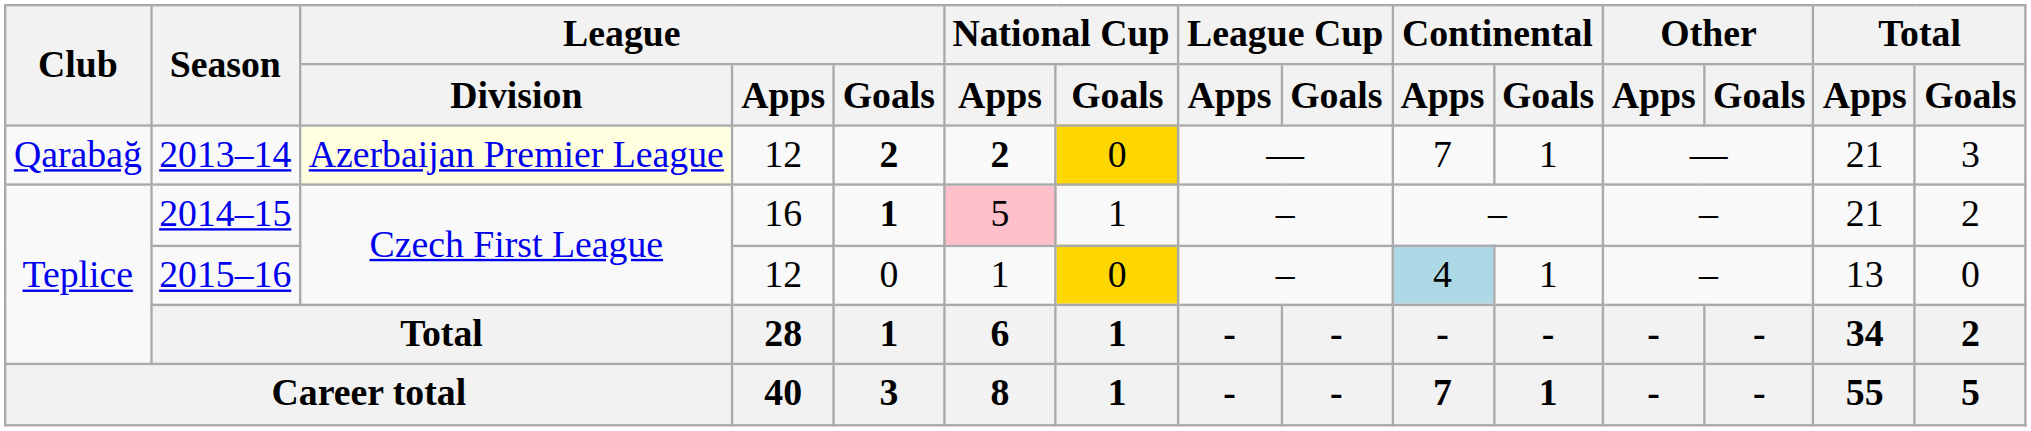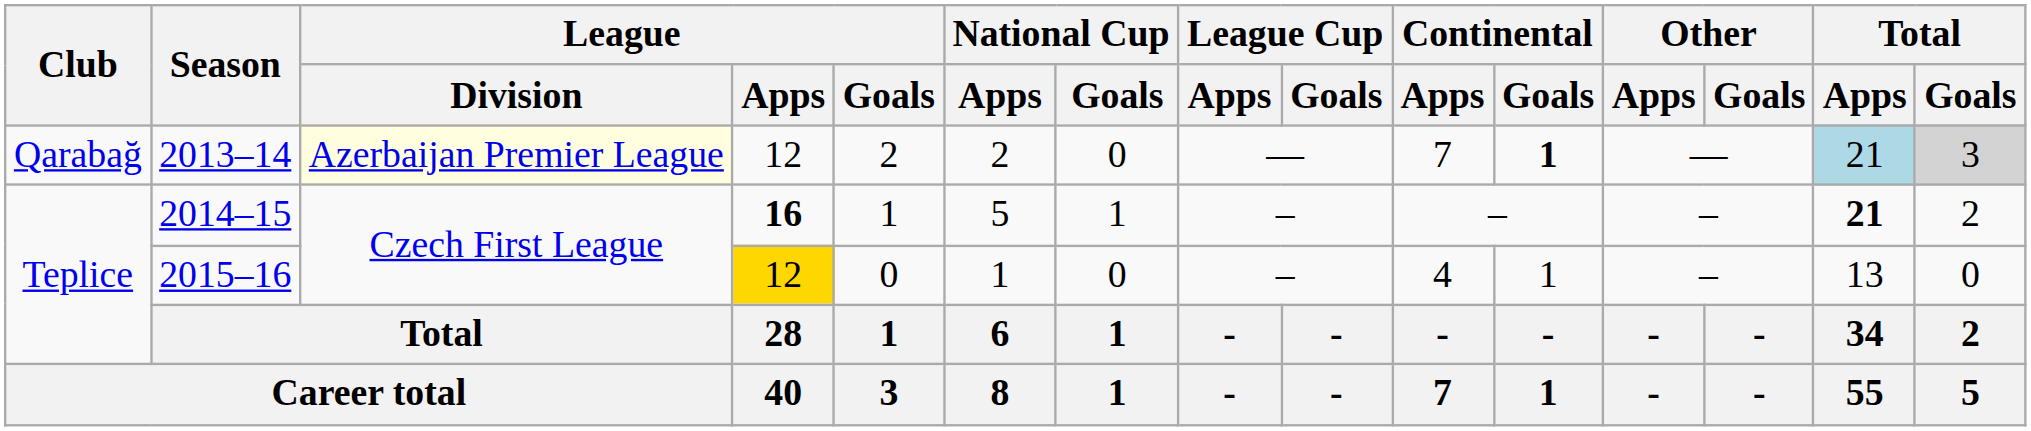 <table class="wikitable" style="text-align: center;">
 <tr>
 <th rowspan="2">Club</th>
 <th rowspan="2">Season</th>
 <th colspan="3">League</th>
 <th colspan="2">National Cup</th>
 <th colspan="2">League Cup</th>
 <th colspan="2">Continental</th>
 <th colspan="2">Other</th>
 <th colspan="2">Total</th>
 </tr>
 <tr>
 <th>Division</th>
 <th>Apps</th>
 <th>Goals</th>
 <th>Apps</th>
 <th>Goals</th>
 <th>Apps</th>
 <th>Goals</th>
 <th>Apps</th>
 <th>Goals</th>
 <th>Apps</th>
 <th>Goals</th>
 <th>Apps</th>
 <th>Goals</th>
 </tr>
 <tr>
 <td valign="center"><a href='#'>Qarabağ</a></td>
 <td><a href='#'>2013–14</a></td>
 <td style="background: lightyellow;"><a href='#'>Azerbaijan Premier League</a></td>
 <td>12</td>
-<td><strong>2</strong></td>
-<td><strong>2</strong></td>
-<td style="background: gold;">0</td>
+<td>2</td>
+<td>2</td>
+<td>0</td>
 <td colspan="2">—</td>
 <td>7</td>
-<td>1</td>
+<td><strong>1</strong></td>
 <td colspan="2">—</td>
-<td>21</td>
-<td>3</td>
+<td style="background: lightblue;">21</td>
+<td style="background: lightgrey;">3</td>
 </tr>
 <tr>
 <td rowspan="3" valign="center"><a href='#'>Teplice</a></td>
 <td><a href='#'>2014–15</a></td>
 <td rowspan="2" valign="center"><a href='#'>Czech First League</a></td>
-<td>16</td>
-<td><strong>1</strong></td>
-<td style="background: pink;">5</td>
+<td><strong>16</strong></td>
+<td>1</td>
+<td>5</td>
 <td>1</td>
 <td colspan="2">–</td>
 <td colspan="2">–</td>
 <td colspan="2">–</td>
-<td>21</td>
+<td><strong>21</strong></td>
 <td>2</td>
 </tr>
 <tr>
 <td><a href='#'>2015–16</a></td>
-<td>12</td>
+<td style="background: gold;">12</td>
 <td>0</td>
 <td>1</td>
-<td style="background: gold;">0</td>
+<td>0</td>
 <td colspan="2">–</td>
-<td style="background: lightblue;">4</td>
+<td>4</td>
 <td>1</td>
 <td colspan="2">–</td>
 <td>13</td>
 <td>0</td>
 </tr>
 <tr>
 <th colspan="2">Total</th>
 <th>28</th>
 <th>1</th>
 <th>6</th>
 <th>1</th>
 <th>-</th>
 <th>-</th>
 <th>-</th>
 <th>-</th>
 <th>-</th>
 <th>-</th>
 <th>34</th>
 <th>2</th>
 </tr>
 <tr>
 <th colspan="3">Career total</th>
 <th>40</th>
 <th>3</th>
 <th>8</th>
 <th>1</th>
 <th>-</th>
 <th>-</th>
 <th>7</th>
 <th>1</th>
 <th>-</th>
 <th>-</th>
 <th>55</th>
 <th>5</th>
 </tr>
 </table>
